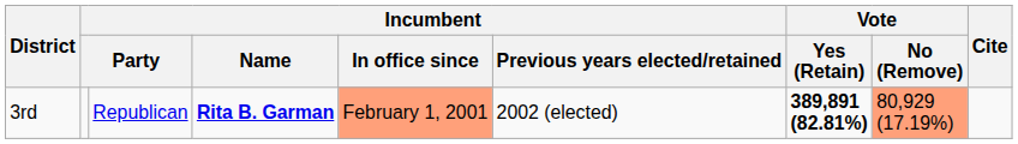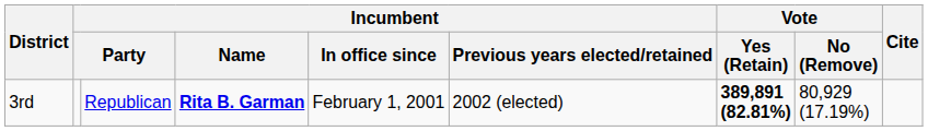 <table class="wikitable">
 <tr>
 <th rowspan =2>District</th>
 <th colspan=5>Incumbent</th>
 <th colspan="2">Vote</th>
 <th rowspan="2">Cite</th>
 </tr>
 <tr>
 <th colspan="2">Party</th>
 <th>Name</th>
 <th>In office since</th>
 <th>Previous years elected/retained</th>
 <th>Yes<br>(Retain)</th>
 <th>No<br>(Remove)</th>
 </tr>
 <tr>
 <td>3rd</td>
 <td style="background-color:"></td>
 <td><a href='#'>Republican</a></td>
 <td><strong><a href='#'>Rita B. Garman</a></strong></td>
-<td style="background: lightsalmon;">February 1, 2001</td>
+<td>February 1, 2001</td>
 <td>2002 (elected)</td>
 <td><strong>389,891<br>(82.81%)</strong></td>
-<td style="background: lightsalmon;">80,929<br>(17.19%)</td>
+<td>80,929<br>(17.19%)</td>
 <td></td>
 </tr>
 </table>
